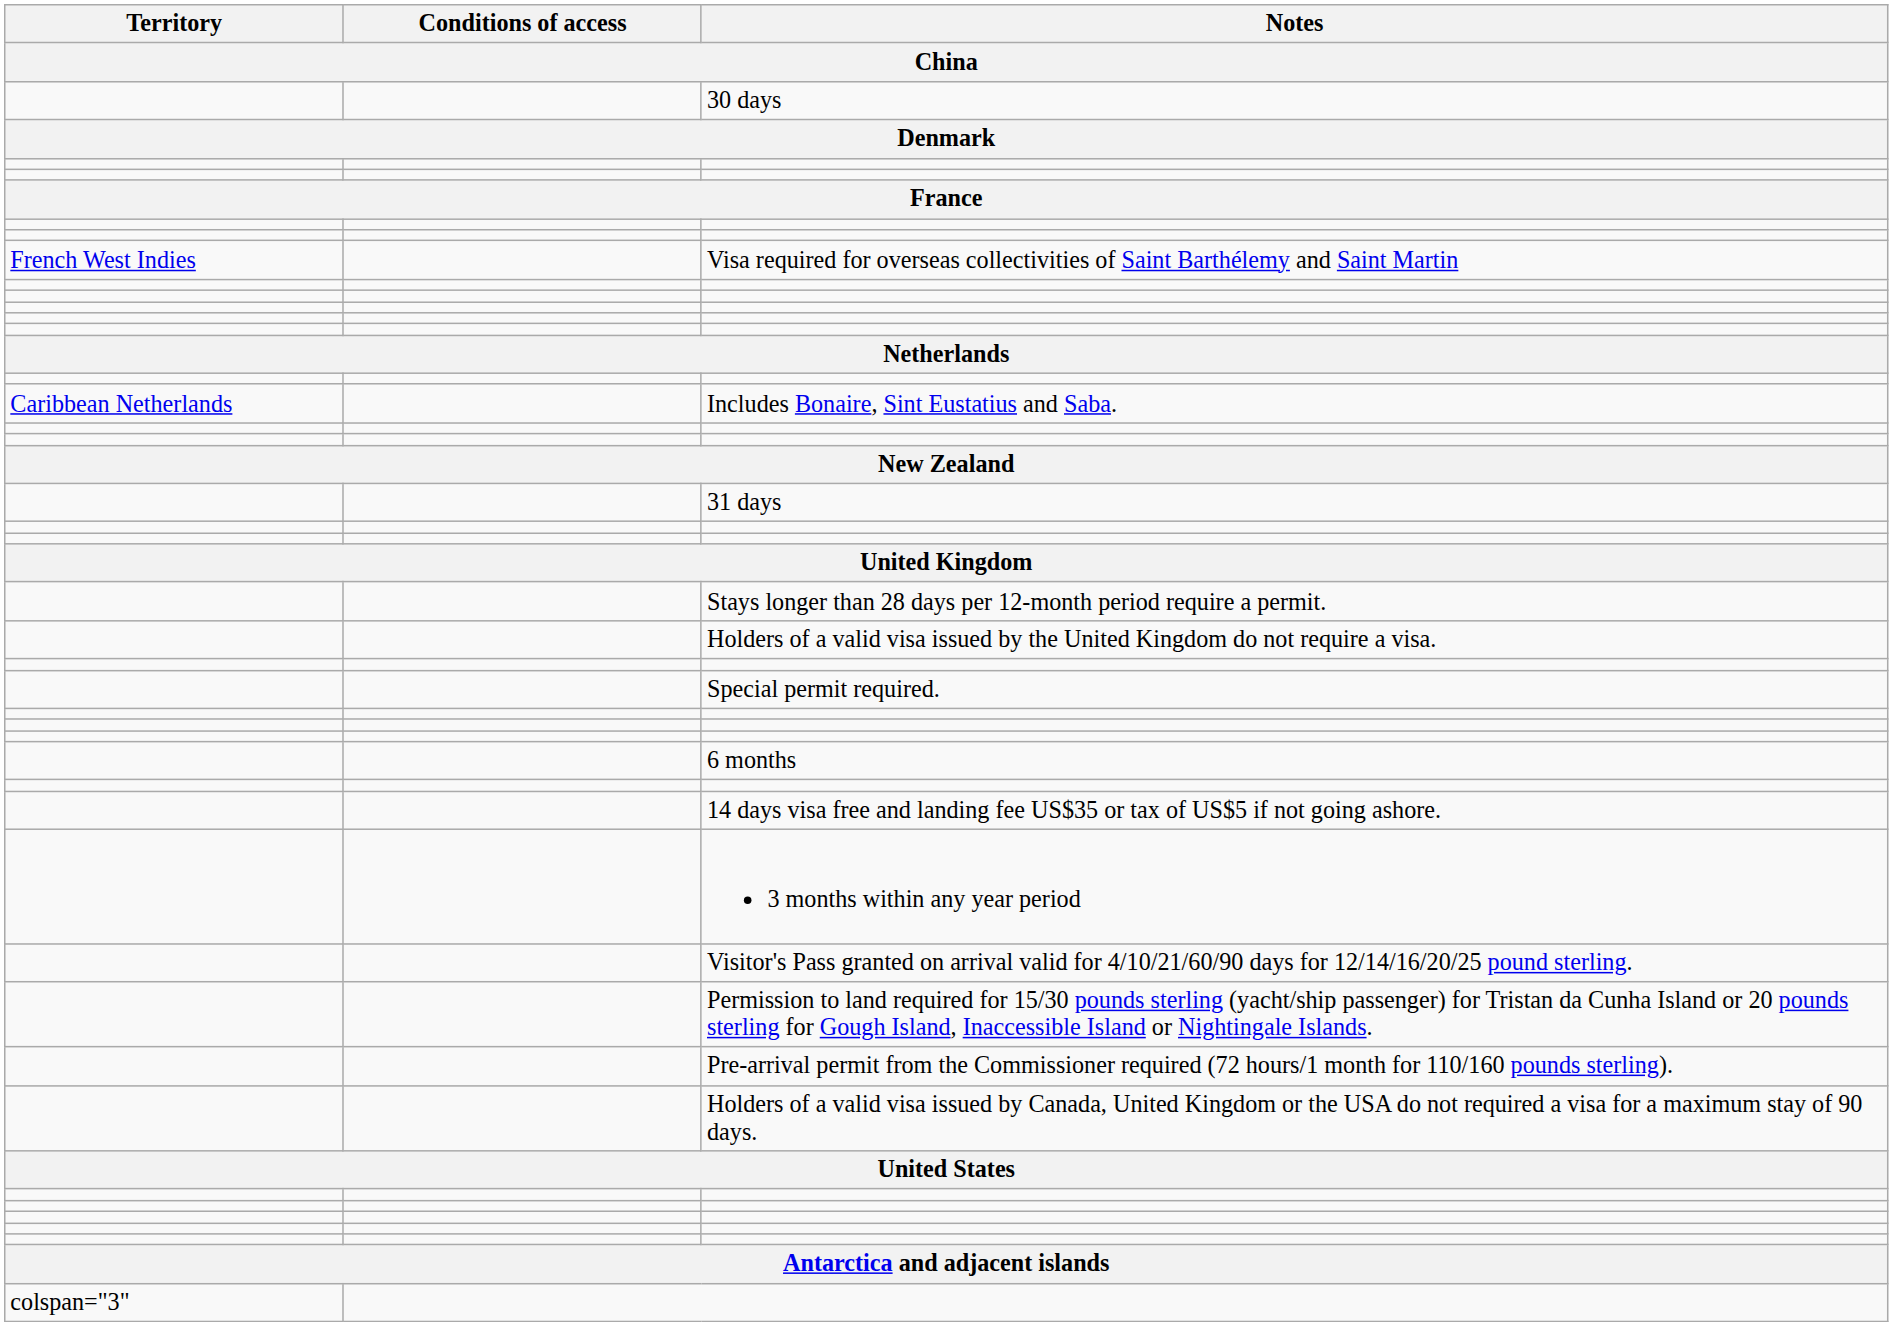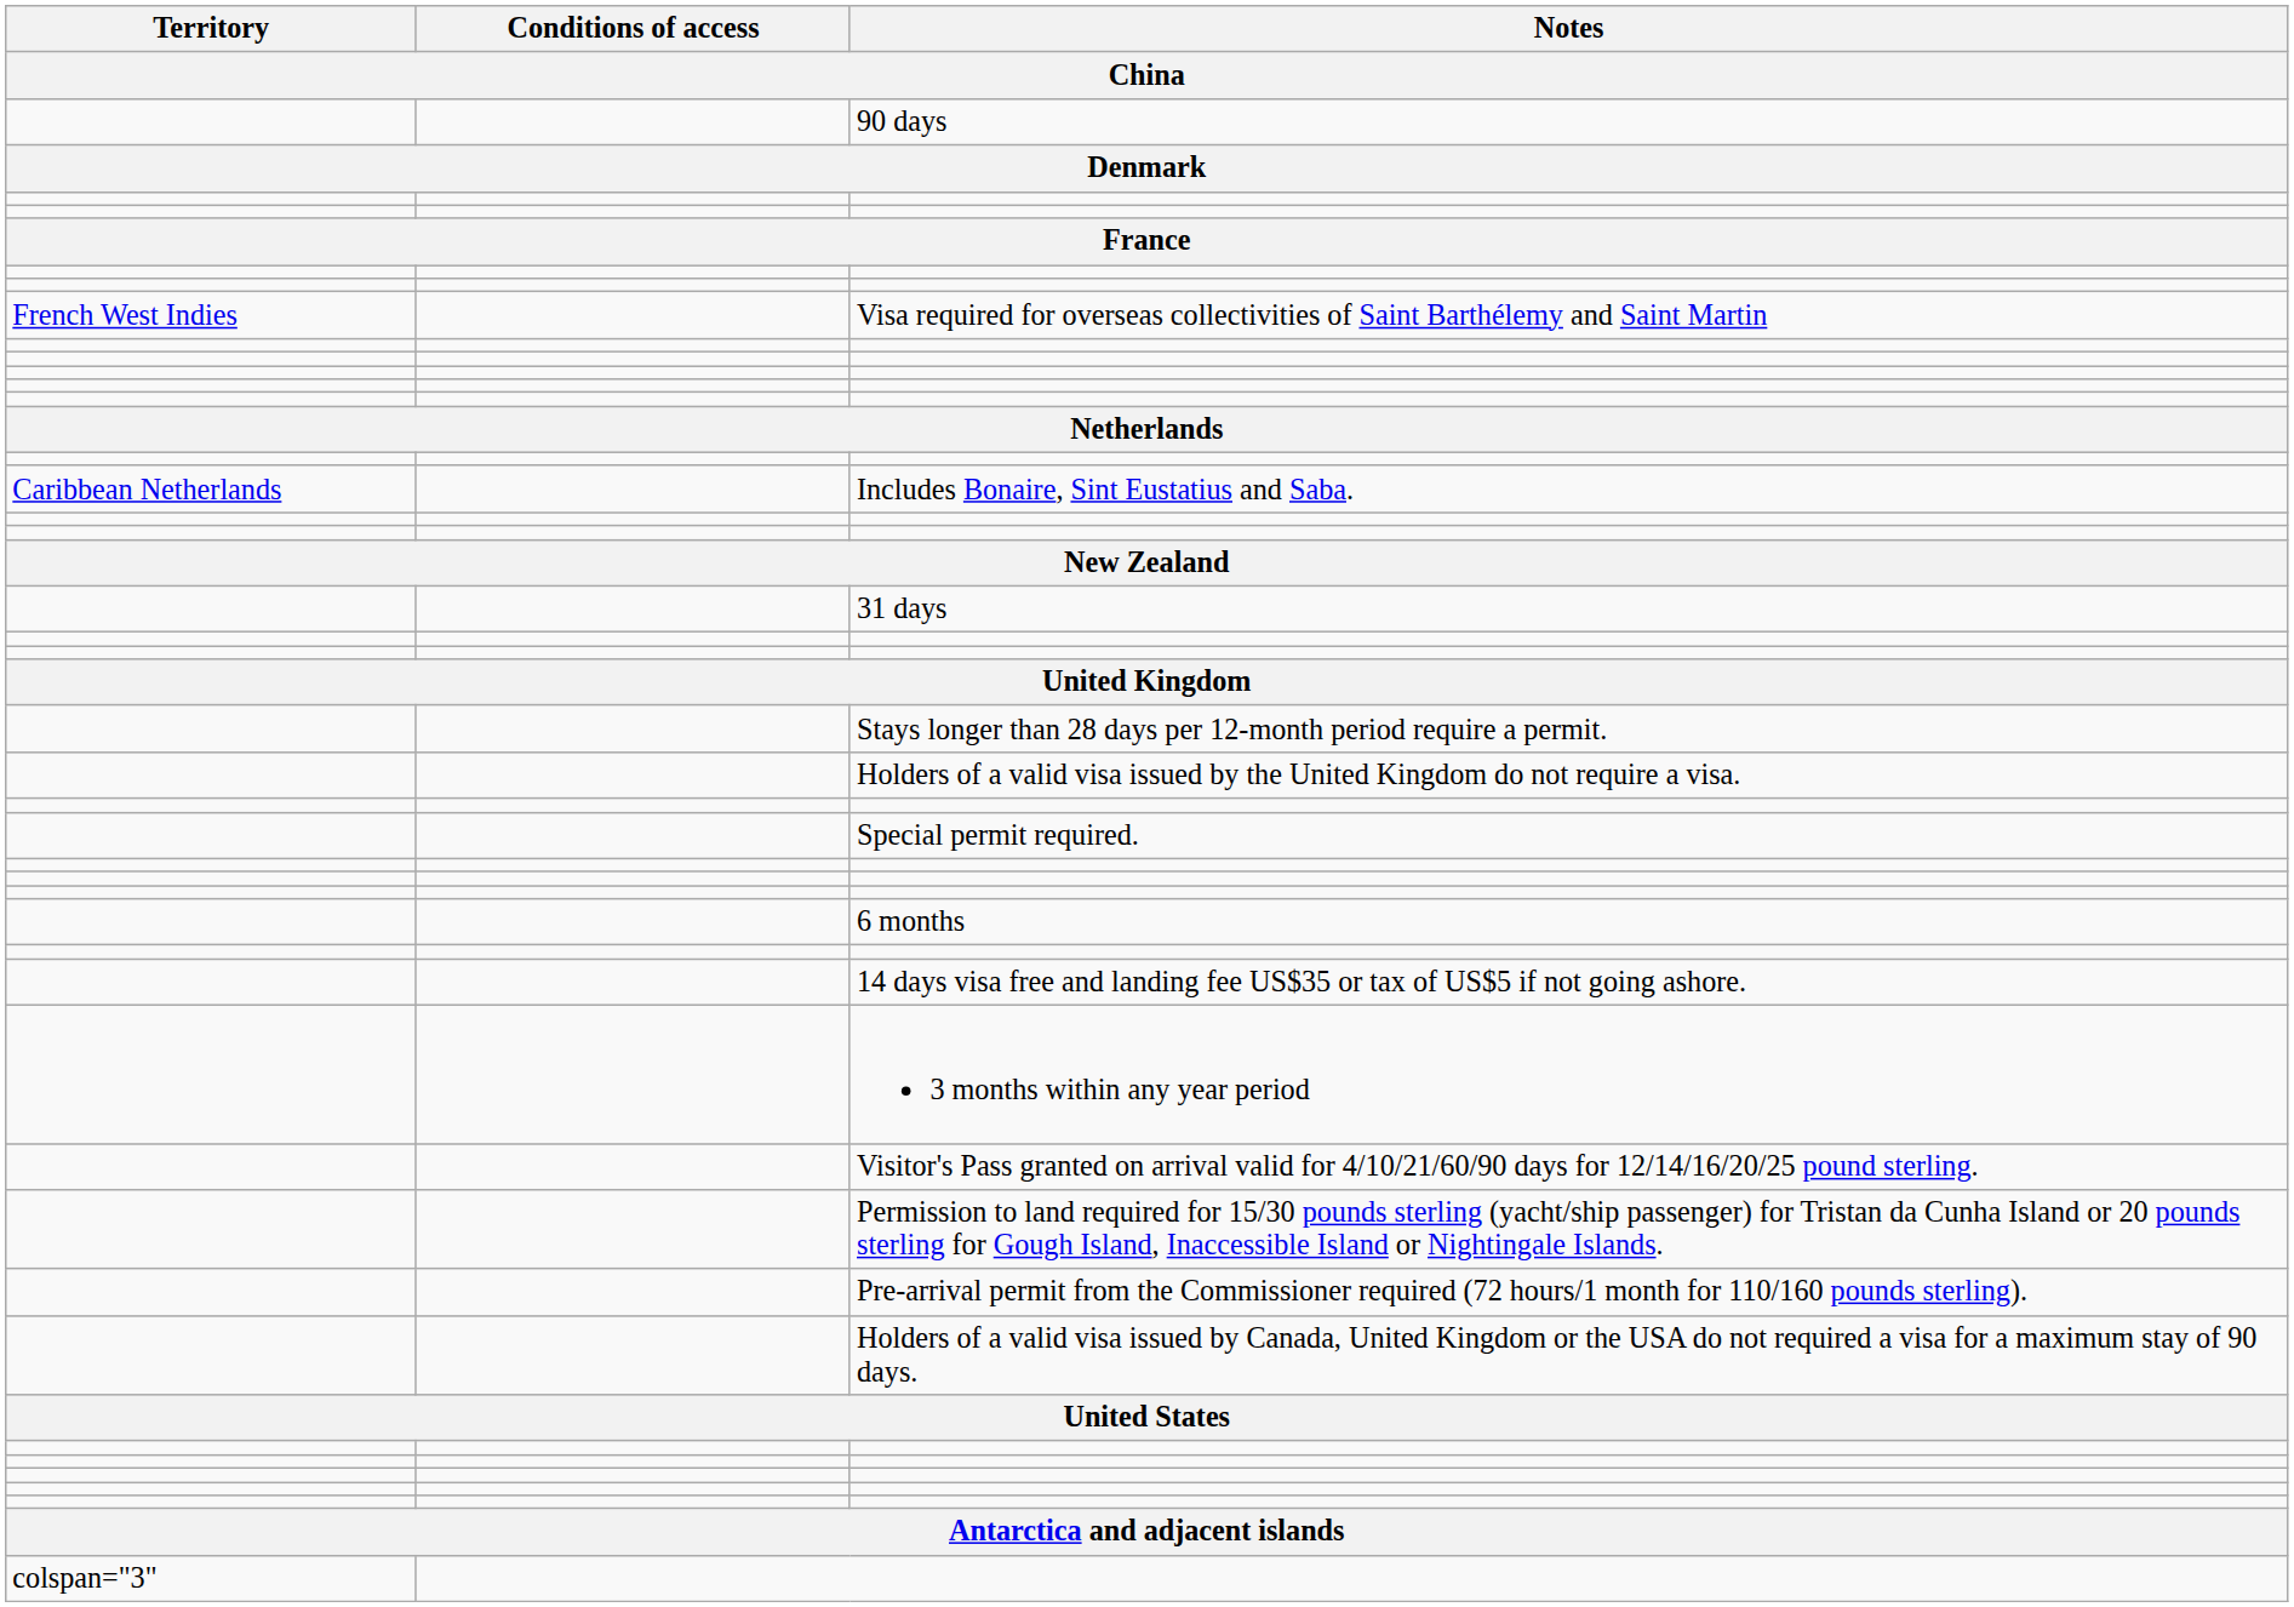 <table class="wikitable" style="text-align: left; table-layout: fixed;">
 <tr>
 <th style="width:18%;">Territory</th>
 <th style="width:19%;">Conditions of access</th>
 <th>Notes</th>
 </tr>
 <tr>
 <th colspan="3">China</th>
 </tr>
 <tr>
 <td></td>
 <td></td>
-<td>30 days</td>
+<td>90 days</td>
 </tr>
 <tr>
 <th colspan="3">Denmark</th>
 </tr>
 <tr>
 <td></td>
 <td></td>
 <td></td>
 </tr>
 <tr>
 <td></td>
 <td></td>
 <td></td>
 </tr>
 <tr>
 <th colspan="3">France</th>
 </tr>
 <tr>
 <td></td>
 <td></td>
 <td></td>
 </tr>
 <tr>
 <td></td>
 <td></td>
 <td></td>
 </tr>
 <tr>
 <td> <a href='#'>French West Indies</a></td>
 <td></td>
 <td>Visa required for overseas collectivities of <a href='#'>Saint Barthélemy</a> and <a href='#'>Saint Martin</a></td>
 </tr>
 <tr>
 <td></td>
 <td></td>
 <td></td>
 </tr>
 <tr>
 <td></td>
 <td></td>
 <td></td>
 </tr>
 <tr>
 <td></td>
 <td></td>
 <td></td>
 </tr>
 <tr>
 <td></td>
 <td></td>
 <td></td>
 </tr>
 <tr>
 <td></td>
 <td></td>
 <td></td>
 </tr>
 <tr>
 <th colspan="3">Netherlands</th>
 </tr>
 <tr>
 <td></td>
 <td></td>
 <td></td>
 </tr>
 <tr>
 <td> <a href='#'>Caribbean Netherlands</a></td>
 <td></td>
 <td>Includes <a href='#'>Bonaire</a>, <a href='#'>Sint Eustatius</a> and <a href='#'>Saba</a>.</td>
 </tr>
 <tr>
 <td></td>
 <td></td>
 <td></td>
 </tr>
 <tr>
 <td></td>
 <td></td>
 <td></td>
 </tr>
 <tr>
 <th colspan="3">New Zealand</th>
 </tr>
 <tr>
 <td></td>
 <td></td>
 <td>31 days</td>
 </tr>
 <tr>
 <td></td>
 <td></td>
 <td></td>
 </tr>
 <tr>
 <td></td>
 <td></td>
 <td></td>
 </tr>
 <tr>
 <th colspan="3">United Kingdom</th>
 </tr>
 <tr>
 <td></td>
 <td></td>
 <td>Stays longer than 28 days per 12-month period require a permit.</td>
 </tr>
 <tr>
 <td></td>
 <td></td>
 <td>Holders of a valid visa issued by the United Kingdom do not require a visa.</td>
 </tr>
 <tr>
 <td></td>
 <td></td>
 <td></td>
 </tr>
 <tr>
 <td></td>
 <td></td>
 <td>Special permit required.</td>
 </tr>
 <tr>
 <td></td>
 <td></td>
 <td></td>
 </tr>
 <tr>
 <td></td>
 <td></td>
 <td></td>
 </tr>
 <tr>
 <td></td>
 <td></td>
 <td></td>
 </tr>
 <tr>
 <td></td>
 <td></td>
 <td>6 months</td>
 </tr>
 <tr>
 <td></td>
 <td></td>
 <td></td>
 </tr>
 <tr>
 <td></td>
 <td></td>
 <td>14 days visa free and landing fee US$35 or tax of US$5 if not going ashore.</td>
 </tr>
 <tr>
 <td></td>
 <td></td>
 <td><br><ul><li>3 months within any year period</li></ul></td>
 </tr>
 <tr>
 <td></td>
 <td></td>
 <td>Visitor's Pass granted on arrival valid for 4/10/21/60/90 days for 12/14/16/20/25 <a href='#'>pound sterling</a>.</td>
 </tr>
 <tr>
 <td></td>
 <td></td>
 <td>Permission to land required for 15/30 <a href='#'>pounds sterling</a> (yacht/ship passenger) for Tristan da Cunha Island or 20 <a href='#'>pounds sterling</a> for <a href='#'>Gough Island</a>, <a href='#'>Inaccessible Island</a> or <a href='#'>Nightingale Islands</a>.</td>
 </tr>
 <tr>
 <td></td>
 <td></td>
 <td>Pre-arrival permit from the Commissioner required (72 hours/1 month for 110/160 <a href='#'>pounds sterling</a>).</td>
 </tr>
 <tr>
 <td></td>
 <td></td>
 <td>Holders of a valid visa issued by Canada, United Kingdom or the USA do not required a visa for a maximum stay of 90 days.</td>
 </tr>
 <tr>
 <th colspan="3">United States</th>
 </tr>
 <tr>
 <td></td>
 <td></td>
 <td></td>
 </tr>
 <tr>
 <td></td>
 <td></td>
 <td></td>
 </tr>
 <tr>
 <td></td>
 <td></td>
 <td></td>
 </tr>
 <tr>
 <td></td>
 <td></td>
 <td></td>
 </tr>
 <tr>
 <td></td>
 <td></td>
 <td></td>
 </tr>
 <tr>
 <th colspan="3"><a href='#'>Antarctica</a> and adjacent islands</th>
 </tr>
 <tr>
 <td>colspan="3" </td>
 </tr>
 </table>
